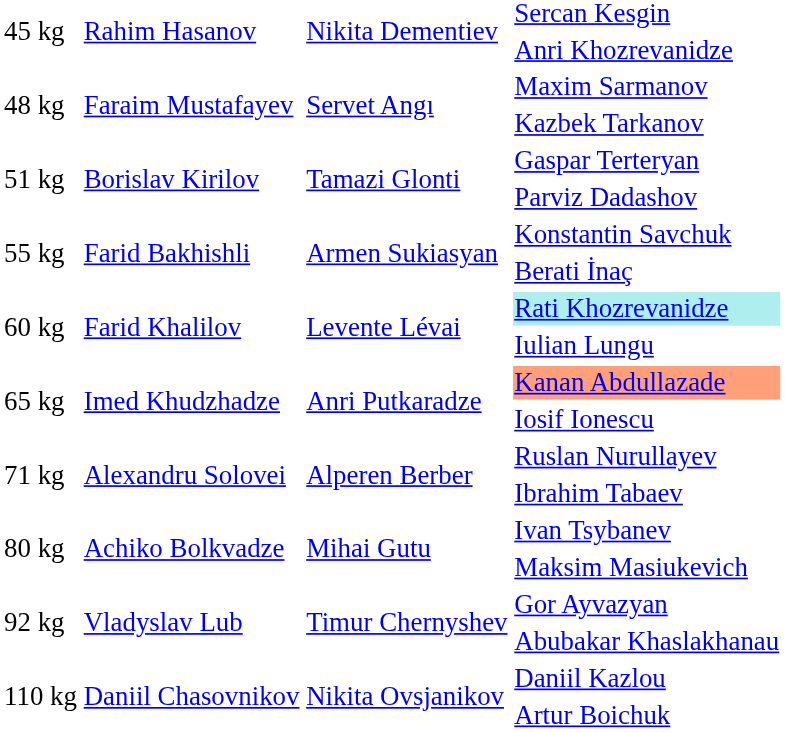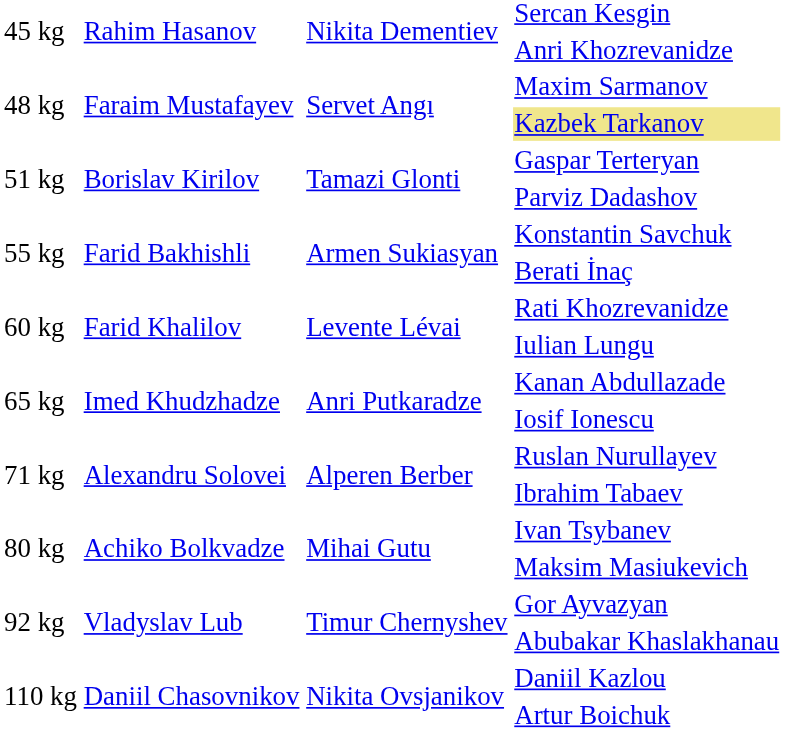 <table>
 <tr>
 <td rowspan=2>45 kg</td>
 <td rowspan=2> <a href='#'>Rahim Hasanov</a></td>
 <td rowspan=2> <a href='#'>Nikita Dementiev</a></td>
 <td> <a href='#'>Sercan Kesgin</a></td>
 </tr>
 <tr>
 <td> <a href='#'>Anri Khozrevanidze</a></td>
 </tr>
 <tr>
 <td rowspan=2>48 kg</td>
 <td rowspan=2> <a href='#'>Faraim Mustafayev</a></td>
 <td rowspan=2> <a href='#'>Servet Angı</a></td>
 <td> <a href='#'>Maxim Sarmanov</a></td>
 </tr>
 <tr>
-<td> <a href='#'>Kazbek Tarkanov</a></td>
+<td style="background: khaki;"> <a href='#'>Kazbek Tarkanov</a></td>
 </tr>
 <tr>
 <td rowspan=2>51 kg</td>
 <td rowspan=2> <a href='#'>Borislav Kirilov</a></td>
 <td rowspan=2> <a href='#'>Tamazi Glonti</a></td>
 <td> <a href='#'>Gaspar Terteryan</a></td>
 </tr>
 <tr>
 <td> <a href='#'>Parviz Dadashov</a></td>
 </tr>
 <tr>
 <td rowspan=2>55 kg</td>
 <td rowspan=2> <a href='#'>Farid Bakhishli</a></td>
 <td rowspan=2> <a href='#'>Armen Sukiasyan</a></td>
 <td> <a href='#'>Konstantin Savchuk</a></td>
 </tr>
 <tr>
 <td> <a href='#'>Berati İnaç</a></td>
 </tr>
 <tr>
 <td rowspan=2>60 kg</td>
 <td rowspan=2> <a href='#'>Farid Khalilov</a></td>
 <td rowspan=2> <a href='#'>Levente Lévai</a></td>
-<td style="background: paleturquoise;"> <a href='#'>Rati Khozrevanidze</a></td>
+<td> <a href='#'>Rati Khozrevanidze</a></td>
 </tr>
 <tr>
 <td> <a href='#'>Iulian Lungu</a></td>
 </tr>
 <tr>
 <td rowspan=2>65 kg</td>
 <td rowspan=2> <a href='#'>Imed Khudzhadze</a></td>
 <td rowspan=2> <a href='#'>Anri Putkaradze</a></td>
-<td style="background: lightsalmon;"> <a href='#'>Kanan Abdullazade</a></td>
+<td> <a href='#'>Kanan Abdullazade</a></td>
 </tr>
 <tr>
 <td> <a href='#'>Iosif Ionescu</a></td>
 </tr>
 <tr>
 <td rowspan=2>71 kg</td>
 <td rowspan=2> <a href='#'>Alexandru Solovei</a></td>
 <td rowspan=2> <a href='#'>Alperen Berber</a></td>
 <td> <a href='#'>Ruslan Nurullayev</a></td>
 </tr>
 <tr>
 <td> <a href='#'>Ibrahim Tabaev</a></td>
 </tr>
 <tr>
 <td rowspan=2>80 kg</td>
 <td rowspan=2> <a href='#'>Achiko Bolkvadze</a></td>
 <td rowspan=2> <a href='#'>Mihai Gutu</a></td>
 <td> <a href='#'>Ivan Tsybanev</a></td>
 </tr>
 <tr>
 <td> <a href='#'>Maksim Masiukevich</a></td>
 </tr>
 <tr>
 <td rowspan=2>92 kg</td>
 <td rowspan=2> <a href='#'>Vladyslav Lub</a></td>
 <td rowspan=2> <a href='#'>Timur Chernyshev</a></td>
 <td> <a href='#'>Gor Ayvazyan</a></td>
 </tr>
 <tr>
 <td> <a href='#'>Abubakar Khaslakhanau</a></td>
 </tr>
 <tr>
 <td rowspan=2>110 kg</td>
 <td rowspan=2> <a href='#'>Daniil Chasovnikov</a></td>
 <td rowspan=2> <a href='#'>Nikita Ovsjanikov</a></td>
 <td> <a href='#'>Daniil Kazlou</a></td>
 </tr>
 <tr>
 <td> <a href='#'>Artur Boichuk</a></td>
 </tr>
 </table>
